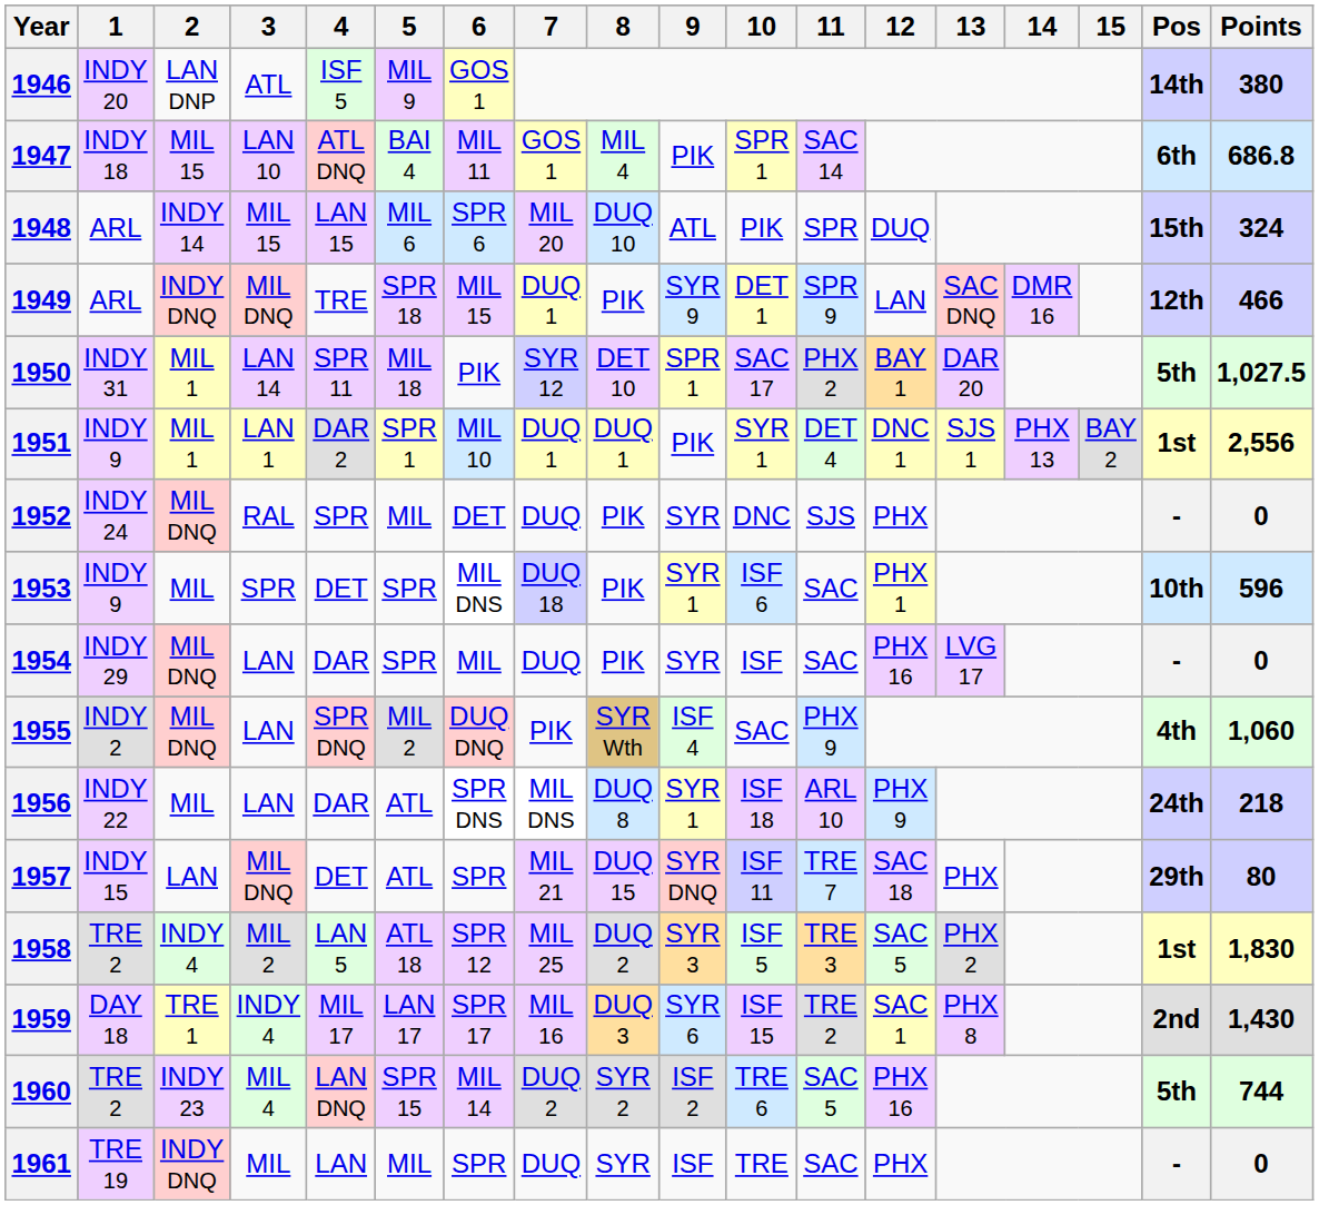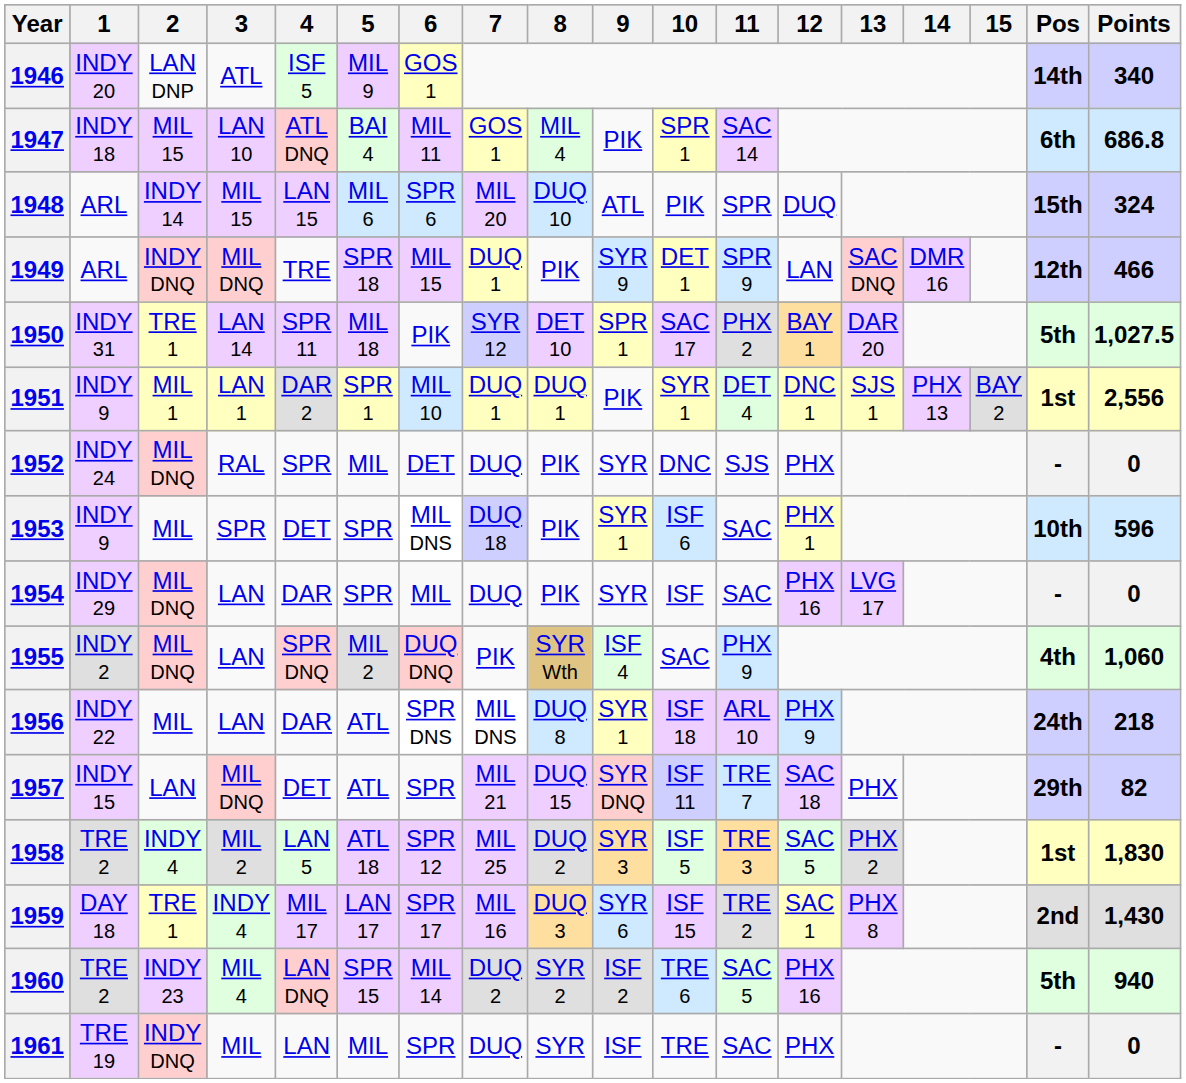 <table class="wikitable" style="text-align:center; font-size:90%">
 <tr>
 <th>Year</th>
 <th>1</th>
 <th>2</th>
 <th>3</th>
 <th>4</th>
 <th>5</th>
 <th>6</th>
 <th>7</th>
 <th>8</th>
 <th>9</th>
 <th>10</th>
 <th>11</th>
 <th>12</th>
 <th>13</th>
 <th>14</th>
 <th>15</th>
 <th>Pos</th>
 <th>Points</th>
 </tr>
 <tr>
 <th rowspan=1><a href='#'>1946</a></th>
 <td style="background:#EFCFFF;"><a href='#'>INDY</a><br><small>20</small></td>
 <td><a href='#'>LAN</a><br><small>DNP</small></td>
 <td><a href='#'>ATL</a></td>
 <td style="background:#DFFFDF;"><a href='#'>ISF</a><br><small>5</small></td>
 <td style="background:#EFCFFF;"><a href='#'>MIL</a><br><small>9</small></td>
 <td style="background:#FFFFBF;"><a href='#'>GOS</a><br><small>1</small></td>
 <td colspan=9></td>
 <th style="background:#CFCFFF;">14th</th>
-<th style="background:#CFCFFF;">380</th>
+<th style="background:#CFCFFF;">340</th>
 </tr>
 <tr>
 <th rowspan=1><a href='#'>1947</a></th>
 <td style="background:#EFCFFF;"><a href='#'>INDY</a><br><small>18</small></td>
 <td style="background:#EFCFFF;"><a href='#'>MIL</a><br><small>15</small></td>
 <td style="background:#EFCFFF;"><a href='#'>LAN</a><br><small>10</small></td>
 <td style="background:#FFCFCF;"><a href='#'>ATL</a><br><small>DNQ</small></td>
 <td style="background:#DFFFDF;"><a href='#'>BAI</a><br><small>4</small></td>
 <td style="background:#EFCFFF;"><a href='#'>MIL</a><br><small>11</small></td>
 <td style="background:#FFFFBF;"><a href='#'>GOS</a><br><small>1</small></td>
 <td style="background:#DFFFDF;"><a href='#'>MIL</a><br><small>4</small></td>
 <td><a href='#'>PIK</a></td>
 <td style="background:#FFFFBF;"><a href='#'>SPR</a><br><small>1</small></td>
 <td style="background:#EFCFFF;"><a href='#'>SAC</a><br><small>14</small></td>
 <td colspan=4></td>
 <th style="background:#CFEAFF;">6th</th>
 <th style="background:#CFEAFF;">686.8</th>
 </tr>
 <tr>
 <th rowspan=1><a href='#'>1948</a></th>
 <td><a href='#'>ARL</a></td>
 <td style="background:#EFCFFF;"><a href='#'>INDY</a><br><small>14</small></td>
 <td style="background:#EFCFFF;"><a href='#'>MIL</a><br><small>15</small></td>
 <td style="background:#EFCFFF;"><a href='#'>LAN</a><br><small>15</small></td>
 <td style="background:#CFEAFF;"><a href='#'>MIL</a><br><small>6</small></td>
 <td style="background:#CFEAFF;"><a href='#'>SPR</a><br><small>6</small></td>
 <td style="background:#EFCFFF;"><a href='#'>MIL</a><br><small>20</small></td>
 <td style="background:#CFEAFF;"><a href='#'>DUQ</a><br><small>10</small></td>
 <td><a href='#'>ATL</a></td>
 <td><a href='#'>PIK</a></td>
 <td><a href='#'>SPR</a></td>
 <td><a href='#'>DUQ</a></td>
 <td colspan=3></td>
 <th style="background:#CFCFFF;">15th</th>
 <th style="background:#CFCFFF;">324</th>
 </tr>
 <tr>
 <th rowspan=1><a href='#'>1949</a></th>
 <td><a href='#'>ARL</a></td>
 <td style="background:#FFCFCF;"><a href='#'>INDY</a><br><small>DNQ</small></td>
 <td style="background:#FFCFCF;"><a href='#'>MIL</a><br><small>DNQ</small></td>
 <td><a href='#'>TRE</a></td>
 <td style="background:#EFCFFF;"><a href='#'>SPR</a><br><small>18</small></td>
 <td style="background:#EFCFFF;"><a href='#'>MIL</a><br><small>15</small></td>
 <td style="background:#FFFFBF;"><a href='#'>DUQ</a><br><small>1</small></td>
 <td><a href='#'>PIK</a></td>
 <td style="background:#CFEAFF;"><a href='#'>SYR</a><br><small>9</small></td>
 <td style="background:#FFFFBF;"><a href='#'>DET</a><br><small>1</small></td>
 <td style="background:#CFEAFF;"><a href='#'>SPR</a><br><small>9</small></td>
 <td><a href='#'>LAN</a></td>
 <td style="background:#FFCFCF;"><a href='#'>SAC</a><br><small>DNQ</small></td>
 <td style="background:#EFCFFF;"><a href='#'>DMR</a><br><small>16</small></td>
 <td colspan=1></td>
 <th style="background:#CFCFFF;">12th</th>
 <th style="background:#CFCFFF;">466</th>
 </tr>
 <tr>
 <th rowspan=1><a href='#'>1950</a></th>
 <td style="background:#EFCFFF;"><a href='#'>INDY</a><br><small>31</small></td>
-<td style="background:#FFFFBF;"><a href='#'>MIL</a><br><small>1</small></td>
+<td style="background:#ffffbf;"><a href='#'>TRE</a><br><small>1</small></td>
 <td style="background:#EFCFFF;"><a href='#'>LAN</a><br><small>14</small></td>
 <td style="background:#EFCFFF;"><a href='#'>SPR</a><br><small>11</small></td>
 <td style="background:#EFCFFF;"><a href='#'>MIL</a><br><small>18</small></td>
 <td><a href='#'>PIK</a></td>
 <td style="background:#CFCFFF;"><a href='#'>SYR</a><br><small>12</small></td>
 <td style="background:#EFCFFF;"><a href='#'>DET</a><br><small>10</small></td>
 <td style="background:#FFFFBF;"><a href='#'>SPR</a><br><small>1</small></td>
 <td style="background:#EFCFFF;"><a href='#'>SAC</a><br><small>17</small></td>
 <td style="background:#DFDFDF;"><a href='#'>PHX</a><br><small>2</small></td>
 <td style="background:#FFDF9F;"><a href='#'>BAY</a><br><small>1</small></td>
 <td style="background:#EFCFFF;"><a href='#'>DAR</a><br><small>20</small></td>
 <td colspan=2></td>
 <th style="background:#DFFFDF;">5th</th>
 <th style="background:#DFFFDF;">1,027.5</th>
 </tr>
 <tr>
 <th rowspan=1><a href='#'>1951</a></th>
 <td style="background:#EFCFFF;"><a href='#'>INDY</a><br><small>9</small></td>
 <td style="background:#FFFFBF;"><a href='#'>MIL</a><br><small>1</small></td>
 <td style="background:#FFFFBF;"><a href='#'>LAN</a><br><small>1</small></td>
 <td style="background:#DFDFDF;"><a href='#'>DAR</a><br><small>2</small></td>
 <td style="background:#FFFFBF;"><a href='#'>SPR</a><br><small>1</small></td>
 <td style="background:#CFEAFF;"><a href='#'>MIL</a><br><small>10</small></td>
 <td style="background:#FFFFBF;"><a href='#'>DUQ</a><br><small>1</small></td>
 <td style="background:#FFFFBF;"><a href='#'>DUQ</a><br><small>1</small></td>
 <td><a href='#'>PIK</a></td>
 <td style="background:#FFFFBF;"><a href='#'>SYR</a><br><small>1</small></td>
 <td style="background:#DFFFDF;"><a href='#'>DET</a><br><small>4</small></td>
 <td style="background:#FFFFBF;"><a href='#'>DNC</a><br><small>1</small></td>
 <td style="background:#FFFFBF;"><a href='#'>SJS</a><br><small>1</small></td>
 <td style="background:#EFCFFF;"><a href='#'>PHX</a><br><small>13</small></td>
 <td style="background:#DFDFDF;"><a href='#'>BAY</a><br><small>2</small></td>
 <th style="background:#FFFFBF;">1st</th>
 <th style="background:#FFFFBF;">2,556</th>
 </tr>
 <tr>
 <th rowspan=1><a href='#'>1952</a></th>
 <td style="background:#EFCFFF;"><a href='#'>INDY</a><br><small>24</small></td>
 <td style="background:#FFCFCF;"><a href='#'>MIL</a><br><small>DNQ</small></td>
 <td><a href='#'>RAL</a></td>
 <td><a href='#'>SPR</a></td>
 <td><a href='#'>MIL</a></td>
 <td><a href='#'>DET</a></td>
 <td><a href='#'>DUQ</a></td>
 <td><a href='#'>PIK</a></td>
 <td><a href='#'>SYR</a></td>
 <td><a href='#'>DNC</a></td>
 <td><a href='#'>SJS</a></td>
 <td><a href='#'>PHX</a></td>
 <td colspan=3></td>
 <th>-</th>
 <th>0</th>
 </tr>
 <tr>
 <th rowspan=1><a href='#'>1953</a></th>
 <td style="background:#EFCFFF;"><a href='#'>INDY</a><br><small>9</small></td>
 <td><a href='#'>MIL</a></td>
 <td><a href='#'>SPR</a></td>
 <td><a href='#'>DET</a></td>
 <td><a href='#'>SPR</a></td>
 <td style="background:#FFFFFF;"><a href='#'>MIL</a><br><small>DNS</small></td>
 <td style="background:#CFCFFF;"><a href='#'>DUQ</a><br><small>18</small></td>
 <td><a href='#'>PIK</a></td>
 <td style="background:#FFFFBF;"><a href='#'>SYR</a><br><small>1</small></td>
 <td style="background:#CFEAFF;"><a href='#'>ISF</a><br><small>6</small></td>
 <td><a href='#'>SAC</a></td>
 <td style="background:#FFFFBF;"><a href='#'>PHX</a><br><small>1</small></td>
 <td colspan=3></td>
 <th style="background:#CFEAFF;">10th</th>
 <th style="background:#CFEAFF;">596</th>
 </tr>
 <tr>
 <th rowspan=1><a href='#'>1954</a></th>
 <td style="background:#EFCFFF;"><a href='#'>INDY</a><br><small>29</small></td>
 <td style="background:#FFCFCF;"><a href='#'>MIL</a><br><small>DNQ</small></td>
 <td><a href='#'>LAN</a></td>
 <td><a href='#'>DAR</a></td>
 <td><a href='#'>SPR</a></td>
 <td><a href='#'>MIL</a></td>
 <td><a href='#'>DUQ</a></td>
 <td><a href='#'>PIK</a></td>
 <td><a href='#'>SYR</a></td>
 <td><a href='#'>ISF</a></td>
 <td><a href='#'>SAC</a></td>
 <td style="background:#EFCFFF;"><a href='#'>PHX</a><br><small>16</small></td>
 <td style="background:#EFCFFF;"><a href='#'>LVG</a><br><small>17</small></td>
 <td colspan=2></td>
 <th>-</th>
 <th>0</th>
 </tr>
 <tr>
 <th rowspan=1><a href='#'>1955</a></th>
 <td style="background:#DFDFDF;"><a href='#'>INDY</a><br><small>2</small></td>
 <td style="background:#FFCFCF;"><a href='#'>MIL</a><br><small>DNQ</small></td>
 <td><a href='#'>LAN</a></td>
 <td style="background:#FFCFCF;"><a href='#'>SPR</a><br><small>DNQ</small></td>
 <td style="background:#DFDFDF;"><a href='#'>MIL</a><br><small>2</small></td>
 <td style="background:#FFCFCF;"><a href='#'>DUQ</a><br><small>DNQ</small></td>
 <td><a href='#'>PIK</a></td>
 <td style="background:#DFC484;"><a href='#'>SYR</a><br><small>Wth</small></td>
 <td style="background:#DFFFDF;"><a href='#'>ISF</a><br><small>4</small></td>
 <td><a href='#'>SAC</a></td>
 <td style="background:#CFEAFF;"><a href='#'>PHX</a><br><small>9</small></td>
 <td colspan=4></td>
 <th style="background:#DFFFDF;">4th</th>
 <th style="background:#DFFFDF;">1,060</th>
 </tr>
 <tr>
 <th rowspan=1><a href='#'>1956</a></th>
 <td style="background:#EFCFFF;"><a href='#'>INDY</a><br><small>22</small></td>
 <td><a href='#'>MIL</a></td>
 <td><a href='#'>LAN</a></td>
 <td><a href='#'>DAR</a></td>
 <td><a href='#'>ATL</a></td>
 <td style="background:#FFFFFF;"><a href='#'>SPR</a><br><small>DNS</small></td>
 <td style="background:#FFFFFF;"><a href='#'>MIL</a><br><small>DNS</small></td>
 <td style="background:#CFEAFF;"><a href='#'>DUQ</a><br><small>8</small></td>
 <td style="background:#FFFFBF;"><a href='#'>SYR</a><br><small>1</small></td>
 <td style="background:#EFCFFF;"><a href='#'>ISF</a><br><small>18</small></td>
 <td style="background:#EFCFFF;"><a href='#'>ARL</a><br><small>10</small></td>
 <td style="background:#CFEAFF;"><a href='#'>PHX</a><br><small>9</small></td>
 <td colspan=3></td>
 <th style="background:#CFCFFF;">24th</th>
 <th style="background:#CFCFFF;">218</th>
 </tr>
 <tr>
 <th rowspan=1><a href='#'>1957</a></th>
 <td style="background:#EFCFFF;"><a href='#'>INDY</a><br><small>15</small></td>
 <td><a href='#'>LAN</a></td>
 <td style="background:#FFCFCF;"><a href='#'>MIL</a><br><small>DNQ</small></td>
 <td><a href='#'>DET</a></td>
 <td><a href='#'>ATL</a></td>
 <td><a href='#'>SPR</a></td>
 <td style="background:#EFCFFF;"><a href='#'>MIL</a><br><small>21</small></td>
 <td style="background:#EFCFFF;"><a href='#'>DUQ</a><br><small>15</small></td>
 <td style="background:#FFCFCF;"><a href='#'>SYR</a><br><small>DNQ</small></td>
 <td style="background:#CFCFFF;"><a href='#'>ISF</a><br><small>11</small></td>
 <td style="background:#CFEAFF;"><a href='#'>TRE</a><br><small>7</small></td>
 <td style="background:#EFCFFF;"><a href='#'>SAC</a><br><small>18</small></td>
 <td><a href='#'>PHX</a></td>
 <td colspan=2></td>
 <th style="background:#CFCFFF;">29th</th>
-<th style="background:#CFCFFF;">80</th>
+<th style="background:#CFCFFF;">82</th>
 </tr>
 <tr>
 <th rowspan=1><a href='#'>1958</a></th>
 <td style="background:#DFDFDF;"><a href='#'>TRE</a><br><small>2</small></td>
 <td style="background:#DFFFDF;"><a href='#'>INDY</a><br><small>4</small></td>
 <td style="background:#DFDFDF;"><a href='#'>MIL</a><br><small>2</small></td>
 <td style="background:#DFFFDF;"><a href='#'>LAN</a><br><small>5</small></td>
 <td style="background:#EFCFFF;"><a href='#'>ATL</a><br><small>18</small></td>
 <td style="background:#EFCFFF;"><a href='#'>SPR</a><br><small>12</small></td>
 <td style="background:#EFCFFF;"><a href='#'>MIL</a><br><small>25</small></td>
 <td style="background:#DFDFDF;"><a href='#'>DUQ</a><br><small>2</small></td>
 <td style="background:#FFDF9F;"><a href='#'>SYR</a><br><small>3</small></td>
 <td style="background:#DFFFDF;"><a href='#'>ISF</a><br><small>5</small></td>
 <td style="background:#FFDF9F;"><a href='#'>TRE</a><br><small>3</small></td>
 <td style="background:#DFFFDF;"><a href='#'>SAC</a><br><small>5</small></td>
 <td style="background:#DFDFDF;"><a href='#'>PHX</a><br><small>2</small></td>
 <td colspan=2></td>
 <th style="background:#FFFFBF;">1st</th>
 <th style="background:#FFFFBF;">1,830</th>
 </tr>
 <tr>
 <th rowspan=1><a href='#'>1959</a></th>
 <td style="background:#efcfff;"><a href='#'>DAY</a><br><small>18</small></td>
 <td style="background:#ffffbf;"><a href='#'>TRE</a><br><small>1</small></td>
 <td style="background:#dfffdf;"><a href='#'>INDY</a><br><small>4</small></td>
 <td style="background:#efcfff;"><a href='#'>MIL</a><br><small>17</small></td>
 <td style="background:#efcfff;"><a href='#'>LAN</a><br><small>17</small></td>
 <td style="background:#efcfff;"><a href='#'>SPR</a><br><small>17</small></td>
 <td style="background:#efcfff;"><a href='#'>MIL</a><br><small>16</small></td>
 <td style="background:#ffdf9f;"><a href='#'>DUQ</a><br><small>3</small></td>
 <td style="background:#cfeaff;"><a href='#'>SYR</a><br><small>6</small></td>
 <td style="background:#efcfff;"><a href='#'>ISF</a><br><small>15</small></td>
 <td style="background:#dfdfdf;"><a href='#'>TRE</a><br><small>2</small></td>
 <td style="background:#ffffbf;"><a href='#'>SAC</a><br><small>1</small></td>
 <td style="background:#efcfff;"><a href='#'>PHX</a><br><small>8</small></td>
 <td colspan=2></td>
 <th style="background:#DFDFDF;">2nd</th>
 <th style="background:#DFDFDF;">1,430</th>
 </tr>
 <tr>
 <th><a href='#'>1960</a></th>
 <td style="background:#DFDFDF;"><a href='#'>TRE</a><br><small>2</small></td>
 <td style="background:#EFCFFF;"><a href='#'>INDY</a><br><small>23</small></td>
 <td style="background:#DFFFDF;"><a href='#'>MIL</a><br><small>4</small></td>
 <td style="background:#FFCFCF;"><a href='#'>LAN</a><br><small>DNQ</small></td>
 <td style="background:#EFCFFF;"><a href='#'>SPR</a><br><small>15</small></td>
 <td style="background:#EFCFFF;"><a href='#'>MIL</a><br><small>14</small></td>
 <td style="background:#DFDFDF;"><a href='#'>DUQ</a><br><small>2</small></td>
 <td style="background:#DFDFDF;"><a href='#'>SYR</a><br><small>2</small></td>
 <td style="background:#DFDFDF;"><a href='#'>ISF</a><br><small>2</small></td>
 <td style="background:#CFEAFF;"><a href='#'>TRE</a><br><small>6</small></td>
 <td style="background:#DFFFDF;"><a href='#'>SAC</a><br><small>5</small></td>
 <td style="background:#EFCFFF;"><a href='#'>PHX</a><br><small>16</small></td>
 <td colspan=3></td>
 <th style="background:#dfffdf;">5th</th>
-<th style="background:#dfffdf;">744</th>
+<th style="background:#dfffdf;">940</th>
 </tr>
 <tr>
 <th><a href='#'>1961</a></th>
 <td style="background:#EFCFFF;"><a href='#'>TRE</a><br><small>19</small></td>
 <td style="background:#FFCFCF;"><a href='#'>INDY</a><br><small>DNQ</small></td>
 <td><a href='#'>MIL</a></td>
 <td><a href='#'>LAN</a></td>
 <td><a href='#'>MIL</a></td>
 <td><a href='#'>SPR</a></td>
 <td><a href='#'>DUQ</a></td>
 <td><a href='#'>SYR</a></td>
 <td><a href='#'>ISF</a></td>
 <td><a href='#'>TRE</a></td>
 <td><a href='#'>SAC</a></td>
 <td><a href='#'>PHX</a></td>
 <td colspan=3></td>
 <th>-</th>
 <th>0</th>
 </tr>
 </table>
